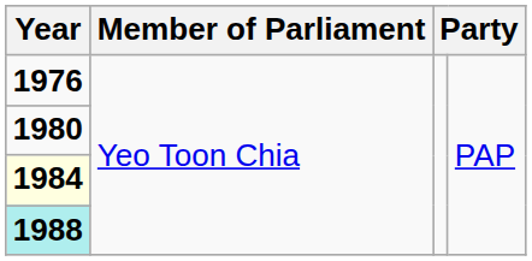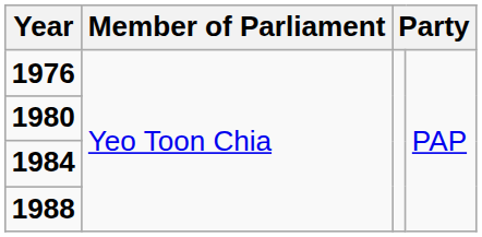 <table class="wikitable">
 <tr>
 <th>Year</th>
 <th>Member of Parliament</th>
 <th colspan="2">Party</th>
 </tr>
 <tr>
 <td><strong>1976</strong></td>
 <td rowspan="4"><a href='#'>Yeo Toon Chia</a></td>
 <td rowspan="4"></td>
 <td rowspan="4"><a href='#'>PAP</a></td>
 </tr>
 <tr>
 <td><strong>1980</strong></td>
 </tr>
 <tr>
-<td style="background: lightyellow;"><strong>1984</strong></td>
+<td><strong>1984</strong></td>
 </tr>
 <tr>
-<td style="background: paleturquoise;"><strong>1988</strong></td>
+<td><strong>1988</strong></td>
 </tr>
 </table>
